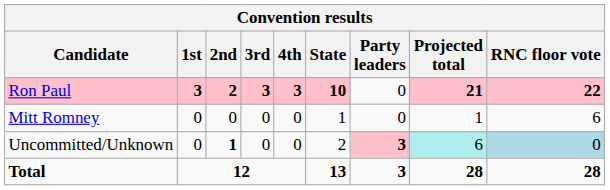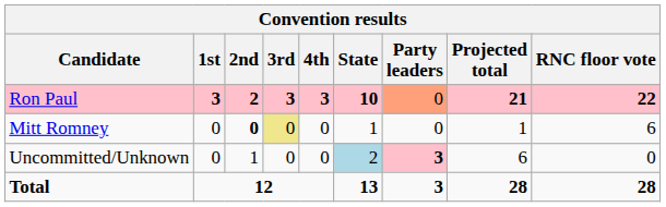 <table class=wikitable>
 <tr>
 <th colspan=9>Convention results</th>
 </tr>
 <tr>
 <th>Candidate</th>
 <th>1st</th>
 <th>2nd</th>
 <th>3rd</th>
 <th>4th</th>
 <th>State</th>
 <th>Party<br>leaders</th>
 <th>Projected<br>total</th>
 <th>RNC floor vote</th>
 </tr>
 <tr style="text-align:right;">
 <td align="left" bgcolor="pink"><a href='#'>Ron Paul</a></td>
 <td bgcolor="pink"><strong>3</strong></td>
 <td bgcolor="pink"><strong>2</strong></td>
 <td bgcolor="pink"><strong>3</strong></td>
 <td bgcolor="pink"><strong>3</strong></td>
 <td bgcolor="pink"><strong>10</strong></td>
-<td>0</td>
+<td style="background: lightsalmon;">0</td>
 <td bgcolor="pink"><strong>21</strong></td>
 <td bgcolor="pink"><strong>22</strong></td>
 </tr>
 <tr style="text-align:right;">
 <td align="left"><a href='#'>Mitt Romney</a></td>
 <td>0</td>
-<td>0</td>
-<td>0</td>
+<td><strong>0</strong></td>
+<td style="background: khaki;">0</td>
 <td>0</td>
 <td>1</td>
 <td>0</td>
 <td>1</td>
 <td>6</td>
 </tr>
 <tr style="text-align:right;">
 <td align="left">Uncommitted/Unknown</td>
 <td>0</td>
-<td><strong>1</strong></td>
+<td>1</td>
 <td>0</td>
 <td>0</td>
-<td>2</td>
+<td style="background: lightblue;">2</td>
 <td bgcolor="pink"><strong>3</strong></td>
-<td style="background: paleturquoise;">6</td>
-<td style="background: lightblue;">0</td>
+<td>6</td>
+<td>0</td>
 </tr>
 <tr>
 <td><strong>Total</strong></td>
 <td colspan=4 align=center><strong>12</strong></td>
 <td align=right><strong>13</strong></td>
 <td align=right><strong>3</strong></td>
 <td align=right><strong>28</strong></td>
 <td align=right><strong>28</strong></td>
 </tr>
 </table>
